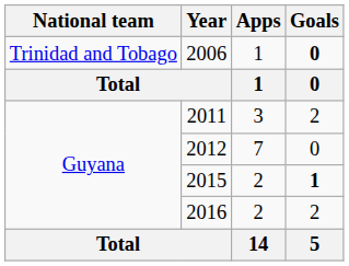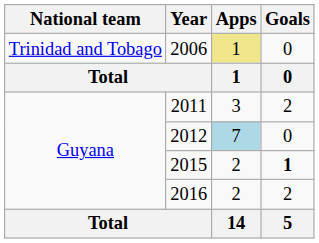 <table class=wikitable style="text-align:center">
 <tr>
 <th>National team</th>
 <th>Year</th>
 <th>Apps</th>
 <th>Goals</th>
 </tr>
 <tr>
 <td><a href='#'>Trinidad and Tobago</a></td>
 <td>2006</td>
-<td>1</td>
-<td><strong>0</strong></td>
+<td style="background: khaki;">1</td>
+<td>0</td>
 </tr>
 <tr>
 <th colspan=2>Total</th>
 <th>1</th>
 <th>0</th>
 </tr>
 <tr>
 <td rowspan=4><a href='#'>Guyana</a></td>
 <td>2011</td>
 <td>3</td>
 <td>2</td>
 </tr>
 <tr>
 <td>2012</td>
-<td>7</td>
+<td style="background: lightblue;">7</td>
 <td>0</td>
 </tr>
 <tr>
 <td>2015</td>
 <td>2</td>
 <td><strong>1</strong></td>
 </tr>
 <tr>
 <td>2016</td>
 <td>2</td>
 <td>2</td>
 </tr>
 <tr>
 <th colspan=2>Total</th>
 <th>14</th>
 <th>5</th>
 </tr>
 </table>
